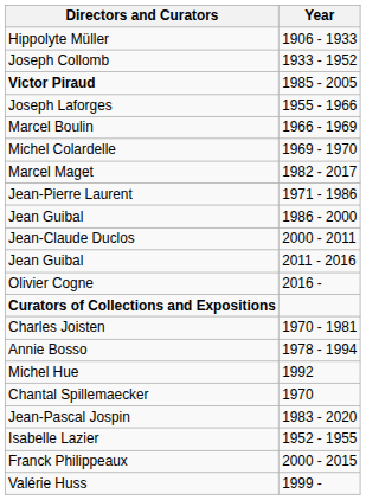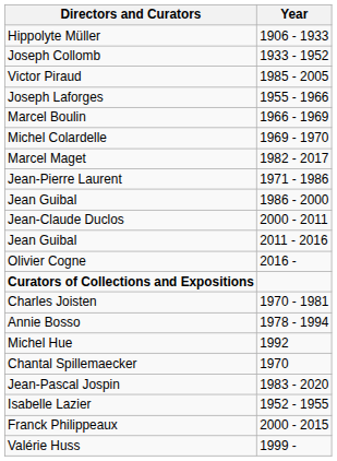 <table class="wikitable">
 <tr>
 <th>Directors and Curators</th>
 <th>Year</th>
 </tr>
 <tr>
 <td>Hippolyte Müller</td>
 <td>1906 - 1933</td>
 </tr>
 <tr>
 <td>Joseph Collomb</td>
 <td>1933 - 1952</td>
 </tr>
 <tr>
-<td><strong>Victor Piraud</strong></td>
+<td>Victor Piraud</td>
 <td>1985 - 2005</td>
 </tr>
 <tr>
 <td>Joseph Laforges</td>
 <td>1955 - 1966</td>
 </tr>
 <tr>
 <td>Marcel Boulin</td>
 <td>1966 - 1969</td>
 </tr>
 <tr>
 <td>Michel Colardelle</td>
 <td>1969 - 1970</td>
 </tr>
 <tr>
 <td>Marcel Maget</td>
 <td>1982 - 2017</td>
 </tr>
 <tr>
 <td>Jean-Pierre Laurent</td>
 <td>1971 - 1986</td>
 </tr>
 <tr>
 <td>Jean Guibal</td>
 <td>1986 - 2000</td>
 </tr>
 <tr>
 <td>Jean-Claude Duclos</td>
 <td>2000 - 2011</td>
 </tr>
 <tr>
 <td>Jean Guibal</td>
 <td>2011 - 2016</td>
 </tr>
 <tr>
 <td>Olivier Cogne</td>
 <td>2016 -</td>
 </tr>
 <tr>
 <td><strong>Curators of Collections and Expositions</strong></td>
 <td></td>
 </tr>
 <tr>
 <td>Charles Joisten</td>
 <td>1970 - 1981</td>
 </tr>
 <tr>
 <td>Annie Bosso</td>
 <td>1978 - 1994</td>
 </tr>
 <tr>
 <td>Michel Hue</td>
 <td>1992</td>
 </tr>
 <tr>
 <td>Chantal Spillemaecker</td>
 <td>1970</td>
 </tr>
 <tr>
 <td>Jean-Pascal Jospin</td>
 <td>1983 - 2020</td>
 </tr>
 <tr>
 <td>Isabelle Lazier</td>
 <td>1952 - 1955</td>
 </tr>
 <tr>
 <td>Franck Philippeaux</td>
 <td>2000 - 2015</td>
 </tr>
 <tr>
 <td>Valérie Huss</td>
 <td>1999 -</td>
 </tr>
 </table>
